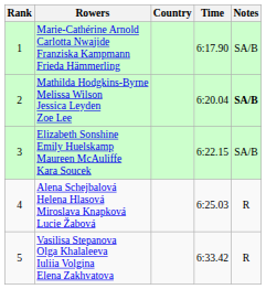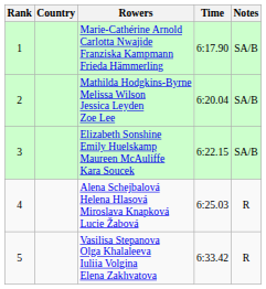 <table class="wikitable" style="text-align:center">
 <tr>
 <th>Rank</th>
+<th>Country</th>
 <th>Rowers</th>
-<th>Country</th>
 <th>Time</th>
 <th>Notes</th>
 </tr>
 <tr bgcolor=ccffcc>
 <td>1</td>
+<td align="left"></td>
 <td align="left"><a href='#'>Marie-Cathérine Arnold</a><br><a href='#'>Carlotta Nwajide</a><br><a href='#'>Franziska Kampmann</a><br><a href='#'>Frieda Hämmerling</a></td>
-<td align="left"></td>
 <td>6:17.90</td>
 <td>SA/B</td>
 </tr>
 <tr bgcolor=ccffcc>
 <td>2</td>
+<td align="left"></td>
 <td align="left"><a href='#'>Mathilda Hodgkins-Byrne</a><br><a href='#'>Melissa Wilson</a><br><a href='#'>Jessica Leyden</a><br><a href='#'>Zoe Lee</a></td>
-<td align="left"></td>
 <td>6:20.04</td>
-<td><strong>SA/B</strong></td>
+<td>SA/B</td>
 </tr>
 <tr bgcolor=ccffcc>
 <td>3</td>
+<td align="left"></td>
 <td align="left"><a href='#'>Elizabeth Sonshine</a><br><a href='#'>Emily Huelskamp</a><br><a href='#'>Maureen McAuliffe</a><br><a href='#'>Kara Soucek</a></td>
-<td align="left"></td>
 <td>6:22.15</td>
 <td>SA/B</td>
 </tr>
 <tr>
 <td>4</td>
+<td align="left"></td>
 <td align="left"><a href='#'>Alena Schejbalová</a><br><a href='#'>Helena Hlasová</a><br><a href='#'>Miroslava Knapková</a><br><a href='#'>Lucie Žabová</a></td>
-<td align="left"></td>
 <td>6:25.03</td>
 <td>R</td>
 </tr>
 <tr>
 <td>5</td>
+<td align="left"></td>
 <td align="left"><a href='#'>Vasilisa Stepanova</a><br><a href='#'>Olga Khalaleeva</a><br><a href='#'>Iuliia Volgina</a><br><a href='#'>Elena Zakhvatova</a></td>
-<td align="left"></td>
 <td>6:33.42</td>
 <td>R</td>
 </tr>
 </table>
